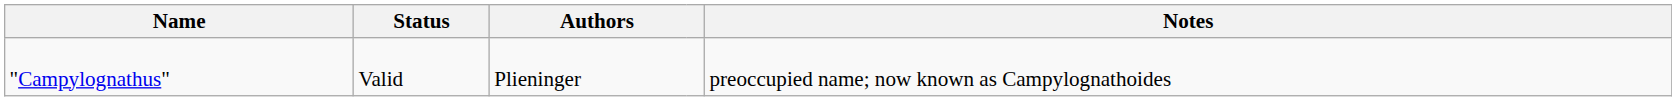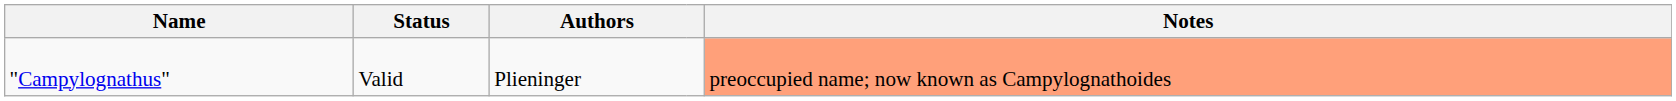 <table class="wikitable sortable" align="center" width="100%">
 <tr>
 <th>Name</th>
 <th>Status</th>
 <th colspan="2">Authors</th>
 <th>Notes</th>
 </tr>
 <tr>
 <td><br>"<a href='#'>Campylognathus</a>"</td>
 <td><br>Valid</td>
 <td style="border-right:0px" valign="top"><br>Plieninger</td>
 <td style="border-left:0px" valign="top"></td>
-<td><br>preoccupied name; now known as Campylognathoides</td>
+<td style="background: lightsalmon;"><br>preoccupied name; now known as Campylognathoides</td>
 </tr>
 </table>
